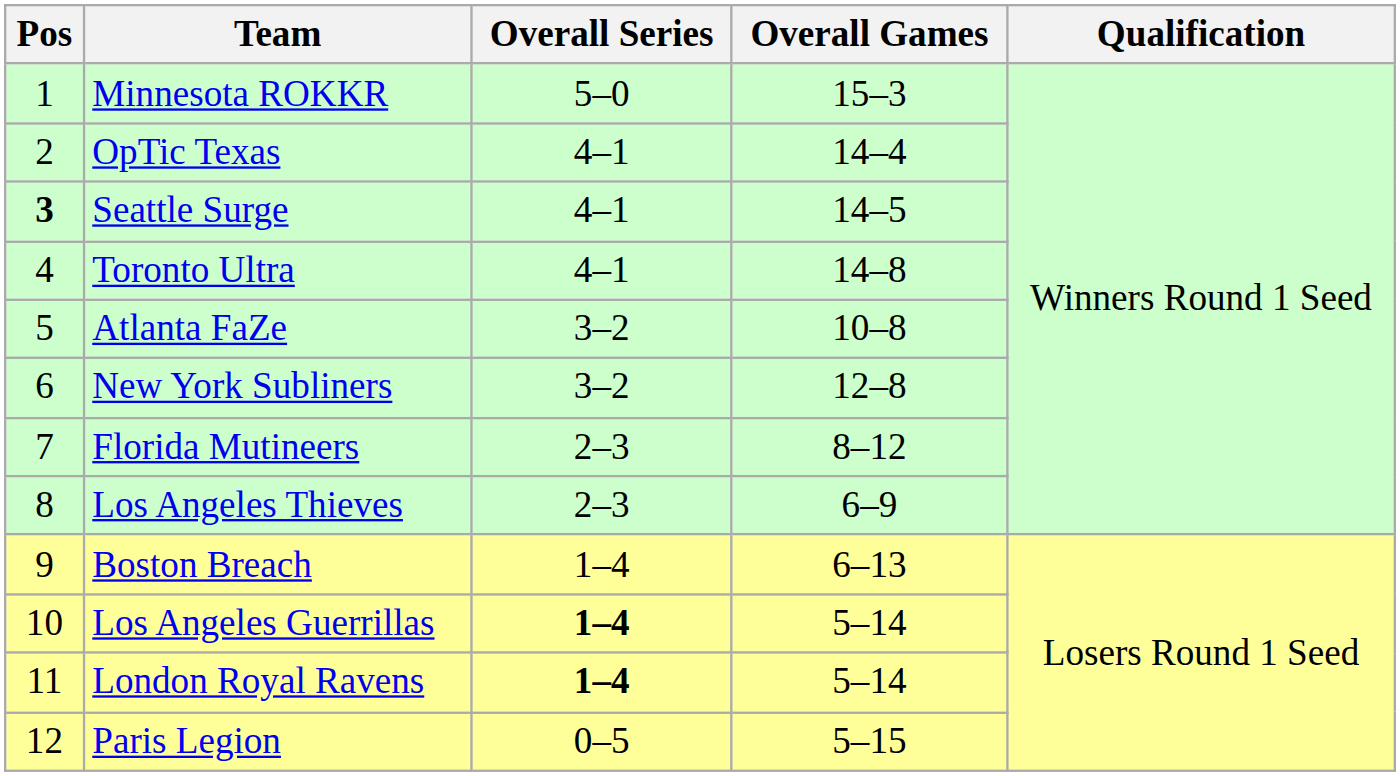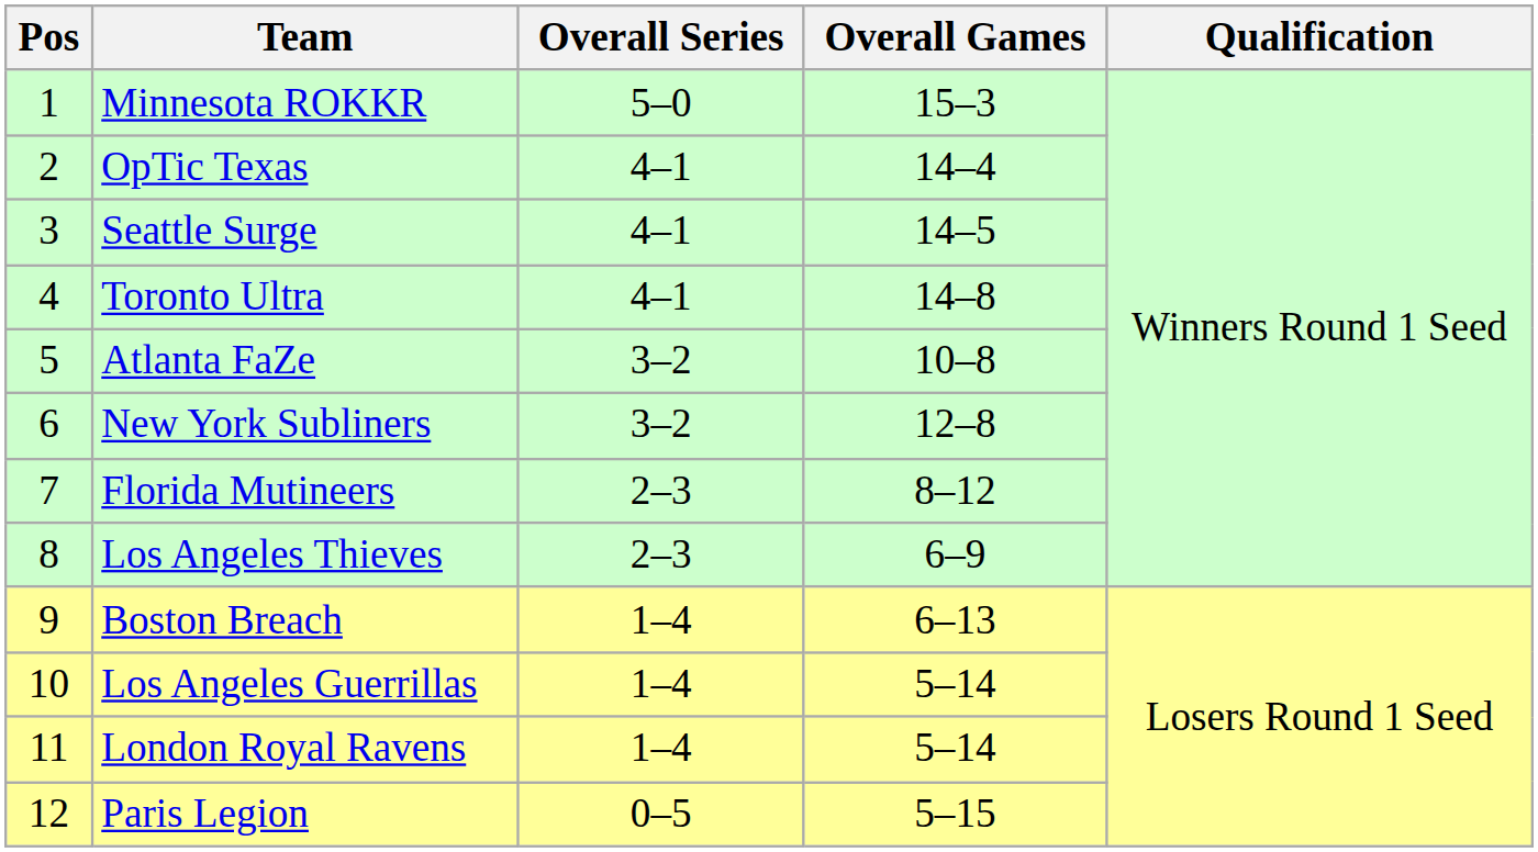 <table class="wikitable" width="600px" style="text-align:center">
 <tr>
 <th>Pos</th>
 <th>Team</th>
 <th>Overall Series</th>
 <th>Overall Games</th>
 <th>Qualification</th>
 </tr>
 <tr style="background:#CCFFCC">
 <td>1</td>
 <td style="text-align:left"><a href='#'>Minnesota ROKKR</a></td>
 <td>5–0</td>
 <td>15–3</td>
 <td rowspan="8">Winners Round 1 Seed</td>
 </tr>
 <tr style="background:#CCFFCC">
 <td>2</td>
 <td style="text-align:left"><a href='#'>OpTic Texas</a></td>
 <td>4–1</td>
 <td>14–4</td>
 </tr>
 <tr style="background:#CCFFCC">
-<td><strong>3</strong></td>
+<td>3</td>
 <td style="text-align:left"><a href='#'>Seattle Surge</a></td>
 <td>4–1</td>
 <td>14–5</td>
 </tr>
 <tr style="background:#CCFFCC">
 <td>4</td>
 <td style="text-align:left"><a href='#'>Toronto Ultra</a></td>
 <td>4–1</td>
 <td>14–8</td>
 </tr>
 <tr style="background:#CCFFCC">
 <td style="text-align:center; background:#CCFFCC;">5</td>
 <td style="text-align:left"><a href='#'>Atlanta FaZe</a></td>
 <td>3–2</td>
 <td>10–8</td>
 </tr>
 <tr style="background:#CCFFCC">
 <td>6</td>
 <td style="text-align:left"><a href='#'>New York Subliners</a></td>
 <td>3–2</td>
 <td>12–8</td>
 </tr>
 <tr style="background:#CCFFCC">
 <td>7</td>
 <td style="text-align:left"><a href='#'>Florida Mutineers</a></td>
 <td>2–3</td>
 <td>8–12</td>
 </tr>
 <tr style="background:#CCFFCC">
 <td>8</td>
 <td style="text-align:left"><a href='#'>Los Angeles Thieves</a></td>
 <td>2–3</td>
 <td>6–9</td>
 </tr>
 <tr style="background:#FFFF99">
 <td>9</td>
 <td style="text-align:left"><a href='#'>Boston Breach</a></td>
 <td>1–4</td>
 <td>6–13</td>
 <td rowspan="4">Losers Round 1 Seed</td>
 </tr>
 <tr style="background:#FFFF99">
 <td>10</td>
 <td style="text-align:left"><a href='#'>Los Angeles Guerrillas</a></td>
-<td><strong>1–4</strong></td>
+<td>1–4</td>
 <td>5–14</td>
 </tr>
 <tr style="background:#FFFF99">
 <td>11</td>
 <td style="text-align:left"><a href='#'>London Royal Ravens</a></td>
-<td><strong>1–4</strong></td>
+<td>1–4</td>
 <td>5–14</td>
 </tr>
 <tr style="background:#FFFF99">
 <td>12</td>
 <td style="text-align:left"><a href='#'>Paris Legion</a></td>
 <td>0–5</td>
 <td>5–15</td>
 </tr>
 </table>
